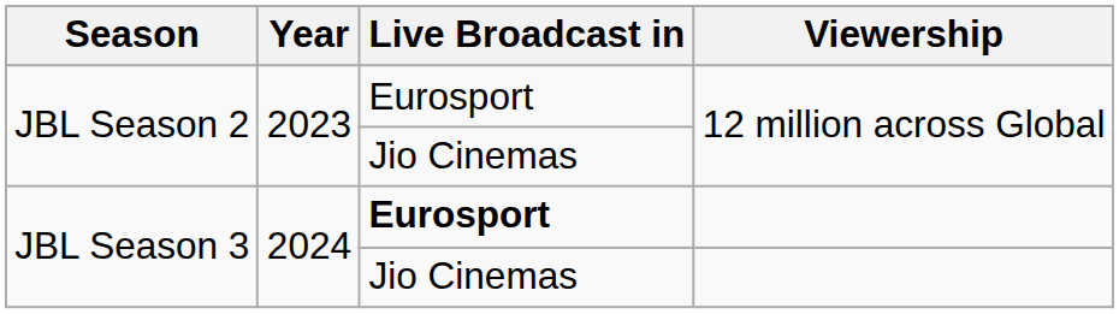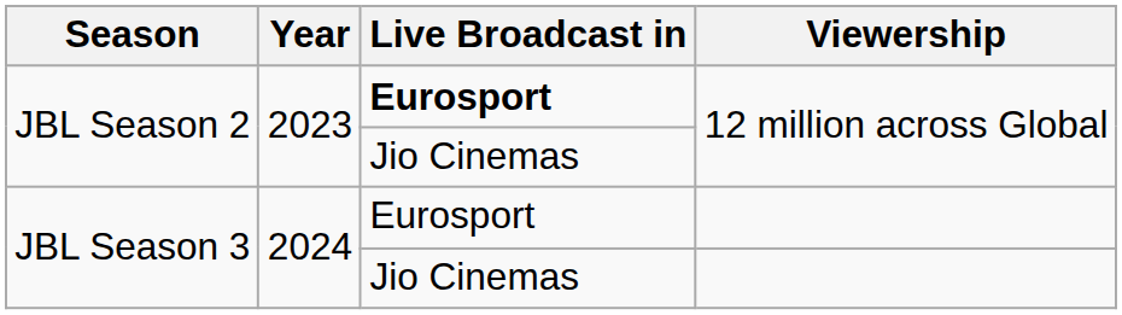 <table class="wikitable">
 <tr>
 <th><strong>Season</strong></th>
 <th><strong>Year</strong></th>
 <th><strong>Live Broadcast in</strong></th>
 <th><strong>Viewership</strong></th>
 </tr>
 <tr>
 <td rowspan="2">JBL Season 2</td>
 <td rowspan="2">2023</td>
-<td>Eurosport</td>
+<td><strong>Eurosport</strong></td>
 <td rowspan="2">12 million across Global</td>
 </tr>
 <tr>
 <td>Jio Cinemas</td>
 </tr>
 <tr>
 <td rowspan="2">JBL Season 3</td>
 <td rowspan="2">2024</td>
-<td><strong>Eurosport</strong></td>
+<td>Eurosport</td>
 <td></td>
 </tr>
 <tr>
 <td>Jio Cinemas</td>
 <td></td>
 </tr>
 </table>
